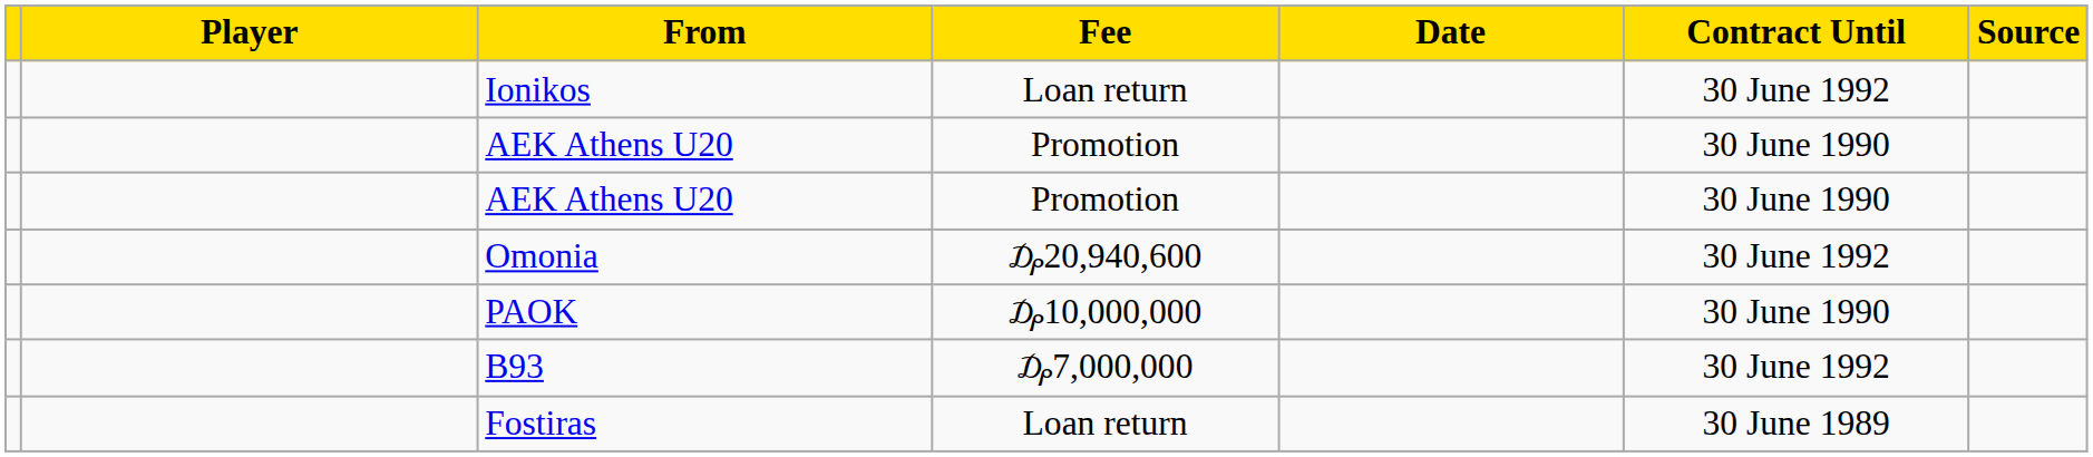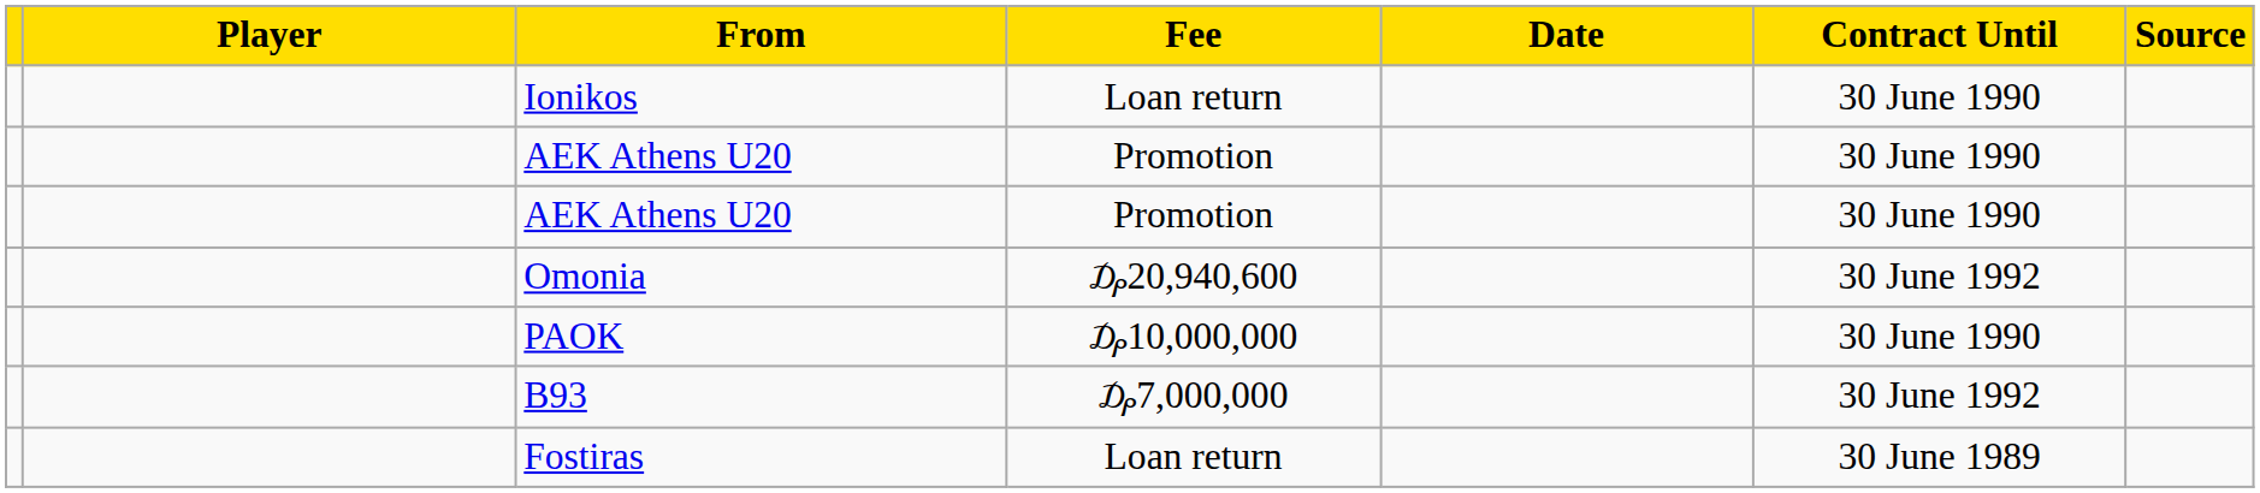 <table class="wikitable sortable">
 <tr>
 <th style="background:#FFDE00"></th>
 <th width=200 style="background:#FFDE00">Player</th>
 <th width=200 style="background:#FFDE00">From</th>
 <th width=150 style="background:#FFDE00">Fee</th>
 <th width=150 style="background:#FFDE00">Date</th>
 <th width=150 style="background:#FFDE00">Contract Until</th>
 <th style="background:#FFDE00">Source</th>
 </tr>
 <tr>
 <td align=center></td>
 <td></td>
 <td> <a href='#'>Ionikos</a></td>
 <td align=center>Loan return</td>
 <td align=center></td>
-<td align=center>30 June 1992</td>
+<td align=center>30 June 1990</td>
 <td align=center></td>
 </tr>
 <tr>
 <td align=center></td>
 <td></td>
 <td> <a href='#'>AEK Athens U20</a></td>
 <td align=center>Promotion</td>
 <td align=center></td>
 <td align=center>30 June 1990</td>
 <td align=center></td>
 </tr>
 <tr>
 <td align=center></td>
 <td></td>
 <td> <a href='#'>AEK Athens U20</a></td>
 <td align=center>Promotion</td>
 <td align=center></td>
 <td align=center>30 June 1990</td>
 <td align=center></td>
 </tr>
 <tr>
 <td align=center></td>
 <td></td>
 <td> <a href='#'>Omonia</a></td>
 <td align=center>₯20,940,600</td>
 <td align=center></td>
 <td align=center>30 June 1992</td>
 <td align=center></td>
 </tr>
 <tr>
 <td align=center></td>
 <td></td>
 <td> <a href='#'>PAOK</a></td>
 <td align=center>₯10,000,000</td>
 <td align=center></td>
 <td align=center>30 June 1990</td>
 <td align=center></td>
 </tr>
 <tr>
 <td align=center></td>
 <td></td>
 <td> <a href='#'>B93</a></td>
 <td align=center>₯7,000,000</td>
 <td align=center></td>
 <td align=center>30 June 1992</td>
 <td align=center></td>
 </tr>
 <tr>
 <td align=center></td>
 <td></td>
 <td> <a href='#'>Fostiras</a></td>
 <td align=center>Loan return</td>
 <td align=center></td>
 <td align=center>30 June 1989</td>
 <td align=center></td>
 </tr>
 </table>
